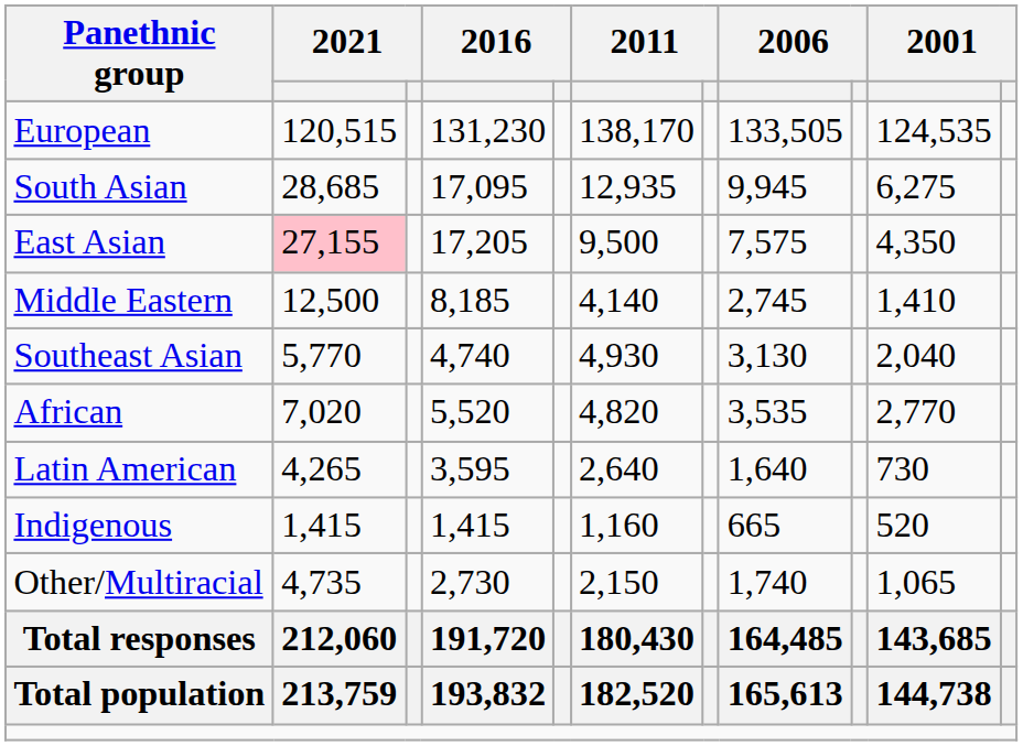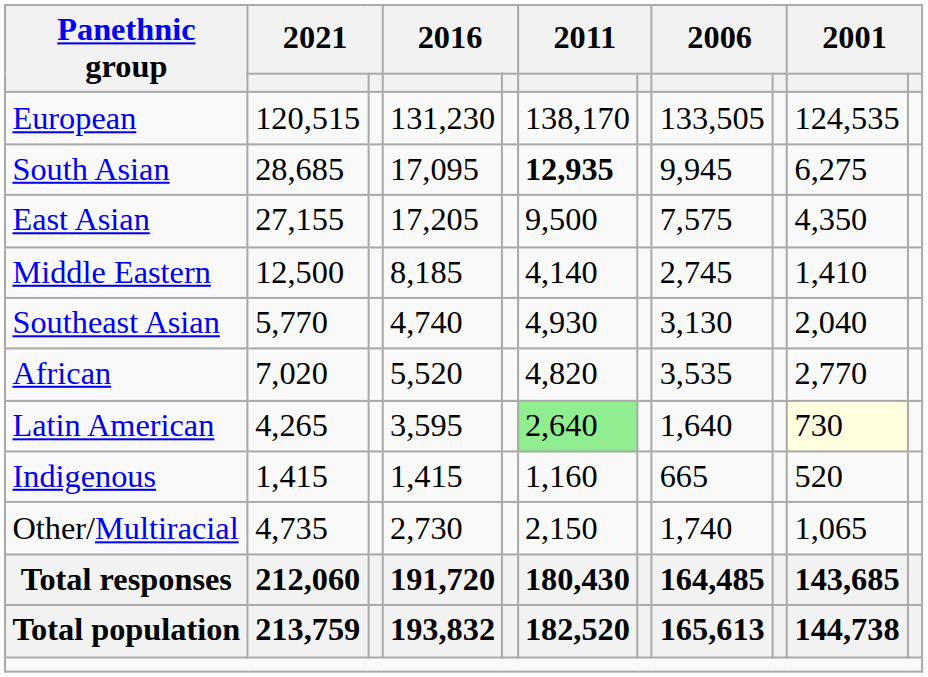 <table class="wikitable collapsible sortable">
 <tr>
 <th rowspan="2"><a href='#'>Panethnic</a><br>group</th>
 <th colspan="2">2021</th>
 <th colspan="2">2016</th>
 <th colspan="2">2011</th>
 <th colspan="2">2006</th>
 <th colspan="2">2001</th>
 </tr>
 <tr>
 <th><a href='#'></a></th>
 <th></th>
 <th></th>
 <th></th>
 <th></th>
 <th></th>
 <th></th>
 <th></th>
 <th></th>
 <th></th>
 </tr>
 <tr>
 <td><a href='#'>European</a></td>
 <td>120,515</td>
 <td></td>
 <td>131,230</td>
 <td></td>
 <td>138,170</td>
 <td></td>
 <td>133,505</td>
 <td></td>
 <td>124,535</td>
 <td></td>
 </tr>
 <tr>
 <td><a href='#'>South Asian</a></td>
 <td>28,685</td>
 <td></td>
 <td>17,095</td>
 <td></td>
-<td>12,935</td>
+<td><strong>12,935</strong></td>
 <td></td>
 <td>9,945</td>
 <td></td>
 <td>6,275</td>
 <td></td>
 </tr>
 <tr>
 <td><a href='#'>East Asian</a></td>
-<td style="background: pink;">27,155</td>
+<td>27,155</td>
 <td></td>
 <td>17,205</td>
 <td></td>
 <td>9,500</td>
 <td></td>
 <td>7,575</td>
 <td></td>
 <td>4,350</td>
 <td></td>
 </tr>
 <tr>
 <td><a href='#'>Middle Eastern</a></td>
 <td>12,500</td>
 <td></td>
 <td>8,185</td>
 <td></td>
 <td>4,140</td>
 <td></td>
 <td>2,745</td>
 <td></td>
 <td>1,410</td>
 <td></td>
 </tr>
 <tr>
 <td><a href='#'>Southeast Asian</a></td>
 <td>5,770</td>
 <td></td>
 <td>4,740</td>
 <td></td>
 <td>4,930</td>
 <td></td>
 <td>3,130</td>
 <td></td>
 <td>2,040</td>
 <td></td>
 </tr>
 <tr>
 <td><a href='#'>African</a></td>
 <td>7,020</td>
 <td></td>
 <td>5,520</td>
 <td></td>
 <td>4,820</td>
 <td></td>
 <td>3,535</td>
 <td></td>
 <td>2,770</td>
 <td></td>
 </tr>
 <tr>
 <td><a href='#'>Latin American</a></td>
 <td>4,265</td>
 <td></td>
 <td>3,595</td>
 <td></td>
-<td>2,640</td>
+<td style="background: lightgreen;">2,640</td>
 <td></td>
 <td>1,640</td>
 <td></td>
-<td>730</td>
+<td style="background: lightyellow;">730</td>
 <td></td>
 </tr>
 <tr>
 <td><a href='#'>Indigenous</a></td>
 <td>1,415</td>
 <td></td>
 <td>1,415</td>
 <td></td>
 <td>1,160</td>
 <td></td>
 <td>665</td>
 <td></td>
 <td>520</td>
 <td></td>
 </tr>
 <tr>
 <td>Other/<a href='#'>Multiracial</a></td>
 <td>4,735</td>
 <td></td>
 <td>2,730</td>
 <td></td>
 <td>2,150</td>
 <td></td>
 <td>1,740</td>
 <td></td>
 <td>1,065</td>
 <td></td>
 </tr>
 <tr>
 <th>Total responses</th>
 <th>212,060</th>
 <th></th>
 <th>191,720</th>
 <th></th>
 <th>180,430</th>
 <th></th>
 <th>164,485</th>
 <th></th>
 <th>143,685</th>
 <th></th>
 </tr>
 <tr>
 <th>Total population</th>
 <th>213,759</th>
 <th></th>
 <th>193,832</th>
 <th></th>
 <th>182,520</th>
 <th></th>
 <th>165,613</th>
 <th></th>
 <th>144,738</th>
 <th></th>
 </tr>
 <tr class="sortbottom">
 <td colspan="15"></td>
 </tr>
 </table>
